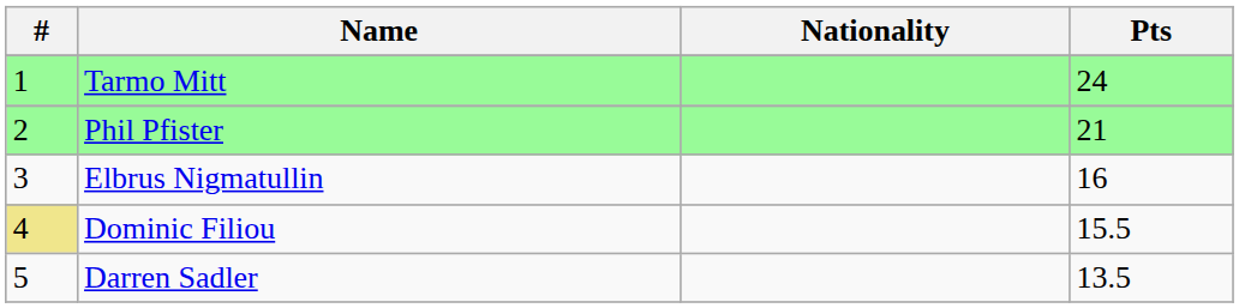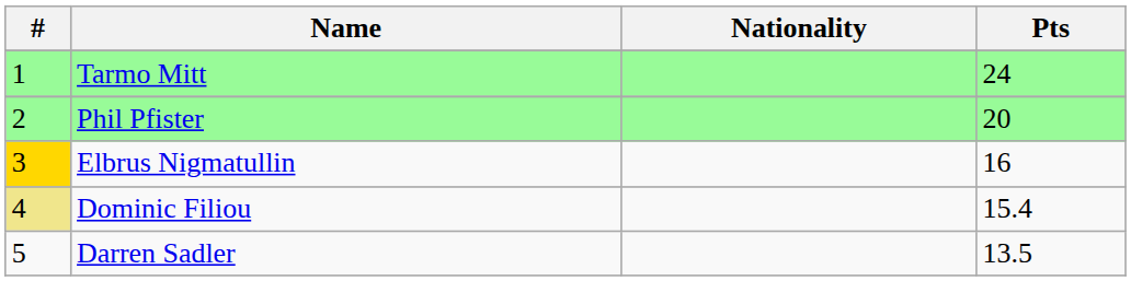 <table class="wikitable" style="display: inline-table; width: 50%;">
 <tr>
 <th>#</th>
 <th>Name</th>
 <th>Nationality</th>
 <th>Pts</th>
 </tr>
 <tr>
 </tr>
 <tr style="background:palegreen">
 <td>1</td>
 <td><a href='#'>Tarmo Mitt</a></td>
 <td></td>
 <td>24</td>
 </tr>
 <tr>
 </tr>
 <tr style="background:palegreen">
 <td>2</td>
 <td><a href='#'>Phil Pfister</a></td>
 <td></td>
-<td>21</td>
+<td>20</td>
 </tr>
 <tr>
-<td>3</td>
+<td style="background: gold;">3</td>
 <td><a href='#'>Elbrus Nigmatullin</a></td>
 <td></td>
 <td>16</td>
 </tr>
 <tr>
 <td style="background: khaki;">4</td>
 <td><a href='#'>Dominic Filiou</a></td>
 <td></td>
-<td>15.5</td>
+<td>15.4</td>
 </tr>
 <tr>
 <td>5</td>
 <td><a href='#'>Darren Sadler</a></td>
 <td></td>
 <td>13.5</td>
 </tr>
 </table>
